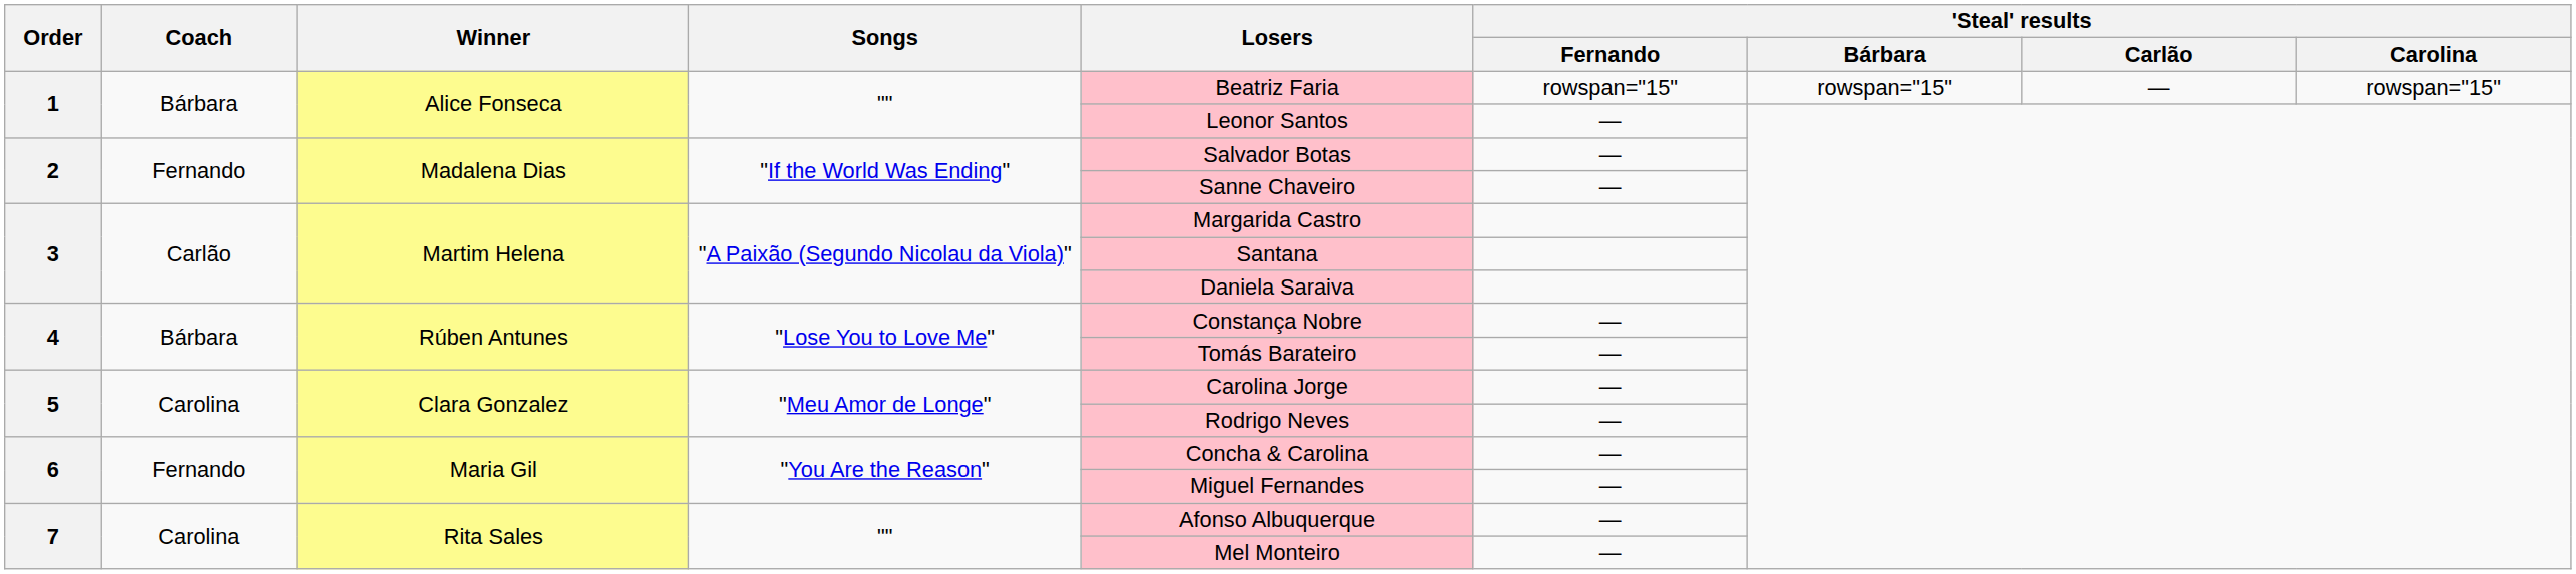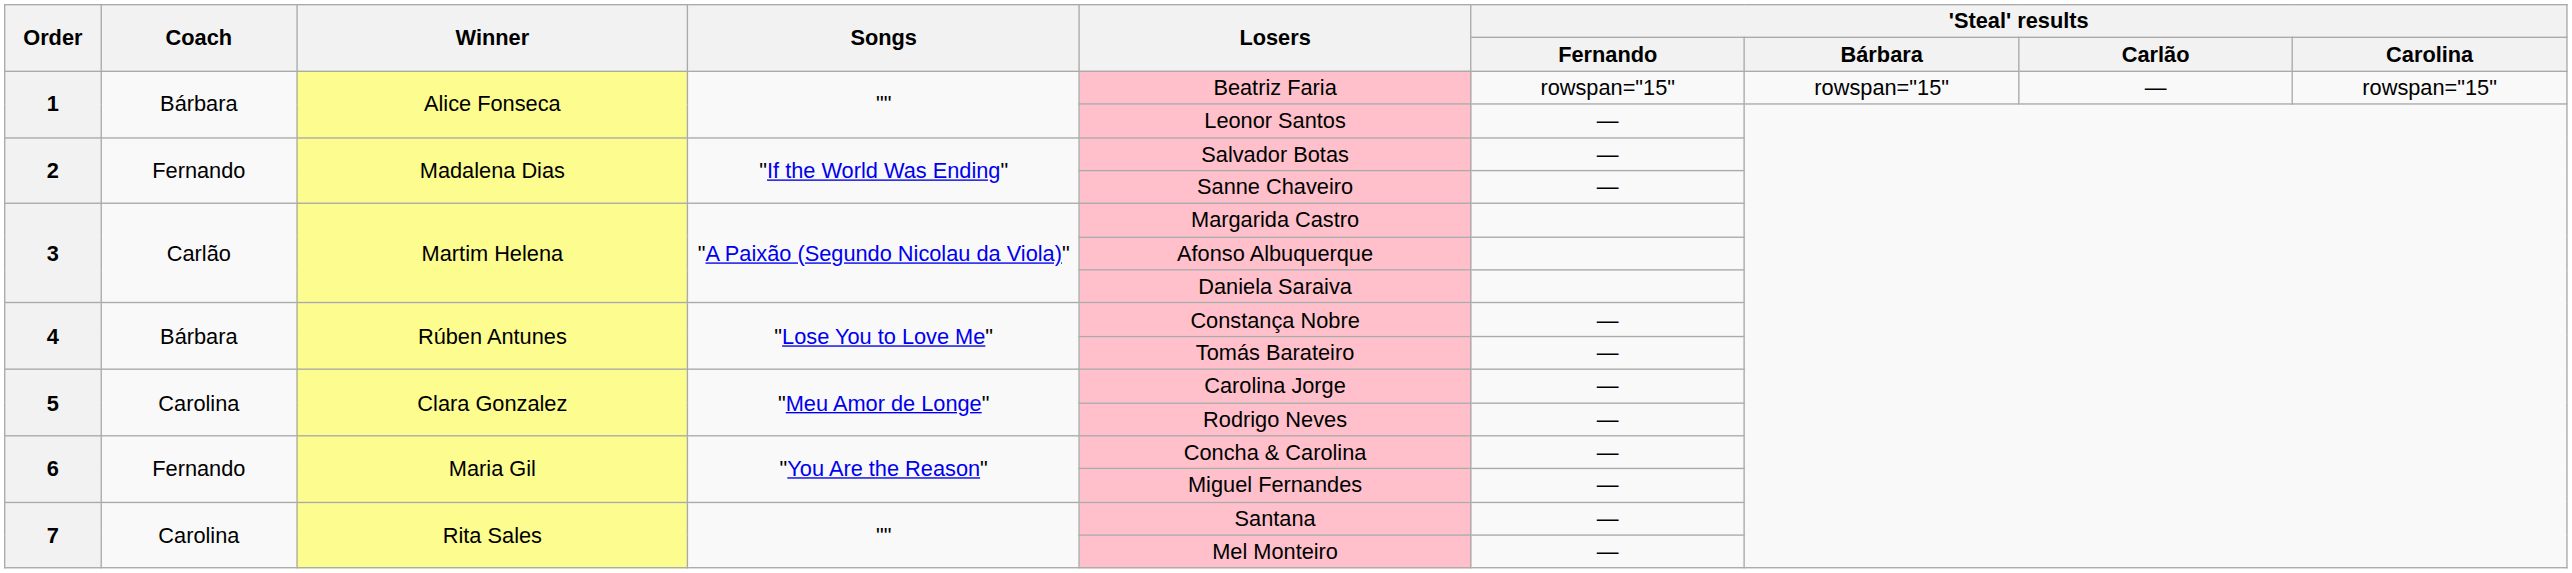 <table class="wikitable" style="text-align:center; line-height:17px; width:95%">
 <tr>
 <th rowspan="2" width="02%">Order</th>
 <th rowspan="2" width="05%">Coach</th>
 <th rowspan="2" width="10%">Winner</th>
 <th rowspan="2" width="10%">Songs</th>
 <th rowspan="2" width="10%">Losers</th>
 <th colspan="4" width="00%">'Steal' results</th>
 </tr>
 <tr>
 <th style="width: 7%">Fernando</th>
 <th style="width: 7%">Bárbara</th>
 <th style="width: 7%">Carlão</th>
 <th style="width: 7%">Carolina</th>
 </tr>
 <tr>
 <th rowspan="2">1</th>
 <td rowspan="2">Bárbara</td>
 <td rowspan="2" style="background:#fdfc8f">Alice Fonseca</td>
 <td rowspan="2">""</td>
 <td style="background: pink">Beatriz Faria</td>
 <td>rowspan="15" </td>
 <td>rowspan="15" </td>
 <td>—</td>
 <td>rowspan="15" </td>
 </tr>
 <tr>
 <td style="background: pink">Leonor Santos</td>
 <td>—</td>
 </tr>
 <tr>
 <th rowspan="2">2</th>
 <td rowspan="2">Fernando</td>
 <td rowspan="2" style="background:#fdfc8f">Madalena Dias</td>
 <td rowspan="2">"<a href='#'>If the World Was Ending</a>"</td>
 <td style="background: pink">Salvador Botas</td>
 <td>—</td>
 </tr>
 <tr>
 <td style="background: pink">Sanne Chaveiro</td>
 <td>—</td>
 </tr>
 <tr>
 <th rowspan="3">3</th>
 <td rowspan="3">Carlão</td>
 <td rowspan="3" style="background:#fdfc8f">Martim Helena</td>
 <td rowspan="3">"<a href='#'>A Paixão (Segundo Nicolau da Viola)</a>"</td>
 <td style="background: pink">Margarida Castro</td>
 <td></td>
 </tr>
 <tr>
-<td style="background: pink">Santana</td>
+<td style="background: pink">Afonso Albuquerque</td>
 <td></td>
 </tr>
 <tr>
 <td style="background: pink">Daniela Saraiva</td>
 <td></td>
 </tr>
 <tr>
 <th rowspan="2">4</th>
 <td rowspan="2">Bárbara</td>
 <td rowspan="2" style="background:#fdfc8f">Rúben Antunes</td>
 <td rowspan="2">"<a href='#'>Lose You to Love Me</a>"</td>
 <td style="background: pink">Constança Nobre</td>
 <td>—</td>
 </tr>
 <tr>
 <td style="background: pink">Tomás Barateiro</td>
 <td>—</td>
 </tr>
 <tr>
 <th rowspan="2">5</th>
 <td rowspan="2">Carolina</td>
 <td rowspan="2" style="background:#fdfc8f">Clara Gonzalez</td>
 <td rowspan="2">"<a href='#'>Meu Amor de Longe</a>"</td>
 <td style="background: pink">Carolina Jorge</td>
 <td>—</td>
 </tr>
 <tr>
 <td style="background: pink">Rodrigo Neves</td>
 <td>—</td>
 </tr>
 <tr>
 <th rowspan="2">6</th>
 <td rowspan="2">Fernando</td>
 <td rowspan="2" style="background:#fdfc8f">Maria Gil</td>
 <td rowspan="2">"<a href='#'>You Are the Reason</a>"</td>
 <td style="background: pink">Concha & Carolina</td>
 <td>—</td>
 </tr>
 <tr>
 <td style="background: pink">Miguel Fernandes</td>
 <td>—</td>
 </tr>
 <tr>
 <th rowspan="2">7</th>
 <td rowspan="2">Carolina</td>
 <td rowspan="2" style="background:#fdfc8f">Rita Sales</td>
 <td rowspan="2">""</td>
-<td style="background: pink">Afonso Albuquerque</td>
+<td style="background: pink">Santana</td>
 <td>—</td>
 </tr>
 <tr>
 <td style="background: pink">Mel Monteiro</td>
 <td>—</td>
 </tr>
 </table>
